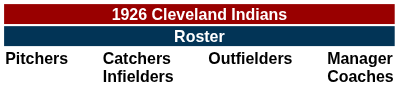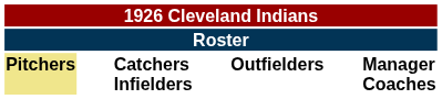 <table class="toccolours" style="font-size: 95%;">
 <tr>
 <th colspan="10" style="background-color: #990000; color: white; text-align: center;">1926 Cleveland Indians</th>
 </tr>
 <tr>
 <td colspan="10" style="background-color: #023456; color: white; text-align: center;"><strong>Roster</strong></td>
 </tr>
 <tr>
-<td valign="top"><strong>Pitchers</strong><br>          </td>
+<td valign="top" style="background: khaki;"><strong>Pitchers</strong><br>          </td>
 <td width="25px"></td>
 <td valign="top"><strong>Catchers</strong><br>   <strong>Infielders</strong>        </td>
 <td width="25px"></td>
 <td valign="top"><strong>Outfielders</strong><br>     </td>
 <td width="25px"></td>
 <td valign="top"><strong>Manager</strong><br> <strong>Coaches</strong>  </td>
 </tr>
 </table>
